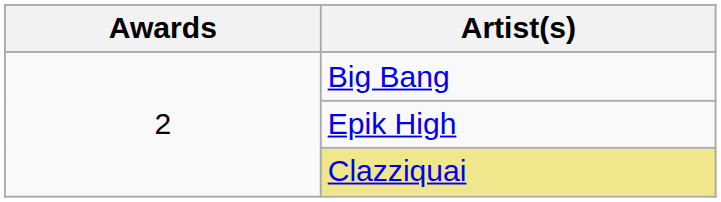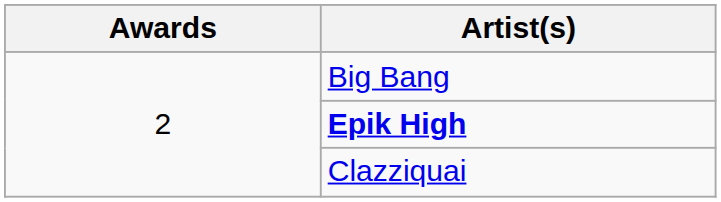 <table class="wikitable"  style="width:30%;">
 <tr>
 <th scope="col">Awards</th>
 <th scope="col">Artist(s)</th>
 </tr>
 <tr>
 <td align=center rowspan=3>2</td>
 <td><a href='#'>Big Bang</a></td>
 </tr>
 <tr>
-<td><a href='#'>Epik High</a></td>
+<td><strong><a href='#'>Epik High</a></strong></td>
 </tr>
 <tr>
-<td style="background: khaki;"><a href='#'>Clazziquai</a></td>
+<td><a href='#'>Clazziquai</a></td>
 </tr>
 </table>
